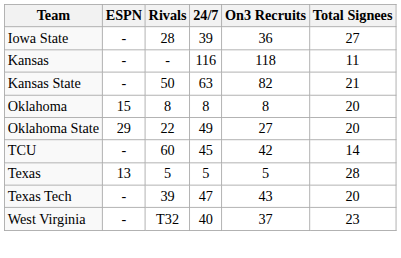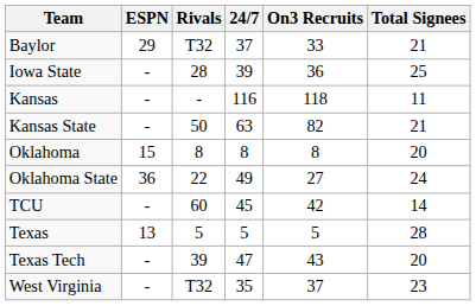 <table class="wikitable">
 <tr>
 <th>Team</th>
 <th>ESPN</th>
 <th>Rivals</th>
 <th>24/7</th>
 <th>On3 Recruits</th>
 <th>Total Signees</th>
 </tr>
 <tr>
+<td>Baylor</td>
+<td style="text-align:center; background:white">29</td>
+<td style="text-align:center; background:white">T32</td>
+<td style="text-align:center; background:white">37</td>
+<td style="text-align:center; background:white">33</td>
+<td style="text-align:center; background:white">21</td>
+</tr>
+<tr>
 <td>Iowa State</td>
 <td style="text-align:center; background:white">-</td>
 <td style="text-align:center; background:white">28</td>
 <td style="text-align:center; background:white">39</td>
 <td style="text-align:center; background:white">36</td>
-<td style="text-align:center; background:white">27</td>
+<td style="text-align:center; background:white">25</td>
 </tr>
 <tr>
 <td>Kansas</td>
 <td style="text-align:center; background:white">-</td>
 <td style="text-align:center; background:white">-</td>
 <td style="text-align:center; background:white">116</td>
 <td style="text-align:center; background:white">118</td>
 <td style="text-align:center; background:white">11</td>
 </tr>
 <tr>
 <td>Kansas State</td>
 <td style="text-align:center; background:white">-</td>
 <td style="text-align:center; background:white">50</td>
 <td style="text-align:center; background:white">63</td>
 <td style="text-align:center; background:white">82</td>
 <td style="text-align:center; background:white">21</td>
 </tr>
 <tr>
 <td>Oklahoma</td>
 <td style="text-align:center; background:white">15</td>
 <td style="text-align:center; background:white">8</td>
 <td style="text-align:center; background:white">8</td>
 <td style="text-align:center; background:white">8</td>
 <td style="text-align:center; background:white">20</td>
 </tr>
 <tr>
 <td>Oklahoma State</td>
-<td style="text-align:center; background:white">29</td>
+<td style="text-align:center; background:white">36</td>
 <td style="text-align:center; background:white">22</td>
 <td style="text-align:center; background:white">49</td>
 <td style="text-align:center; background:white">27</td>
-<td style="text-align:center; background:white">20</td>
+<td style="text-align:center; background:white">24</td>
 </tr>
 <tr>
 <td>TCU</td>
 <td style="text-align:center; background:white">-</td>
 <td style="text-align:center; background:white">60</td>
 <td style="text-align:center; background:white">45</td>
 <td style="text-align:center; background:white">42</td>
 <td style="text-align:center; background:white">14</td>
 </tr>
 <tr>
 <td>Texas</td>
 <td style="text-align:center; background:white">13</td>
 <td style="text-align:center; background:white">5</td>
 <td style="text-align:center; background:white">5</td>
 <td style="text-align:center; background:white">5</td>
 <td style="text-align:center; background:white">28</td>
 </tr>
 <tr>
 <td>Texas Tech</td>
 <td style="text-align:center; background:white">-</td>
 <td style="text-align:center; background:white">39</td>
 <td style="text-align:center; background:white">47</td>
 <td style="text-align:center; background:white">43</td>
 <td style="text-align:center; background:white">20</td>
 </tr>
 <tr>
 <td>West Virginia</td>
 <td style="text-align:center; background:white">-</td>
 <td style="text-align:center; background:white">T32</td>
-<td style="text-align:center; background:white">40</td>
+<td style="text-align:center; background:white">35</td>
 <td style="text-align:center; background:white">37</td>
 <td style="text-align:center; background:white">23</td>
 </tr>
 </table>
